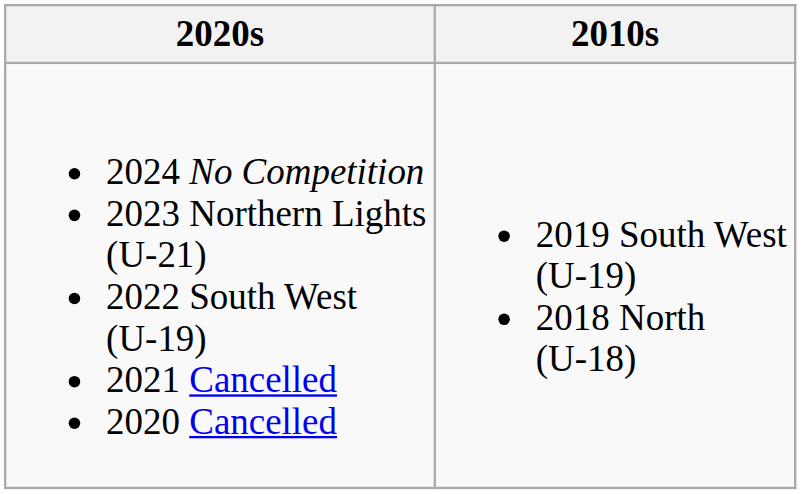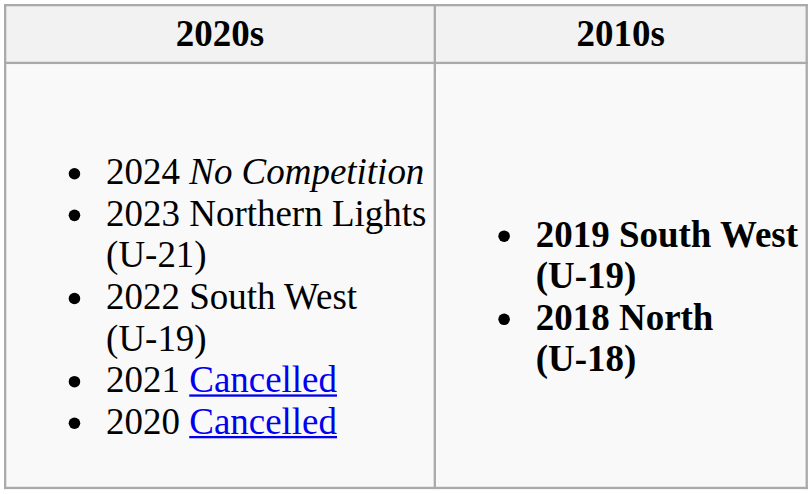 <table class="wikitable">
 <tr>
 <th>2020s</th>
 <th>2010s</th>
 </tr>
 <tr>
 <td><br><ul><li>2024	<em>No Competition</em></li><li>2023	Northern Lights<br>(U-21)</li><li>2022	South West<br>(U-19)</li><li>2021	<a href='#'>Cancelled</a></li><li>2020	<a href='#'>Cancelled</a></li></ul></td>
-<td><br><ul><li>2019	South West<br>(U-19)</li><li>2018	North<br>(U-18)</li></ul></td>
+<td><strong><br><ul><li>2019	South West<br>(U-19)</li><li>2018	North<br>(U-18)</li></ul></strong></td>
 </tr>
 </table>
